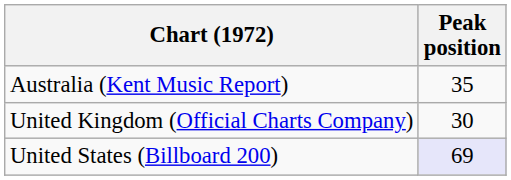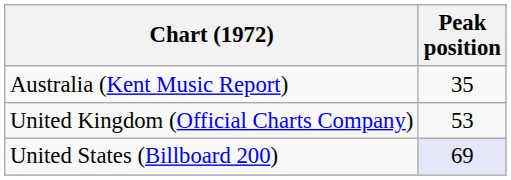 <table class="wikitable">
 <tr>
 <th scope="col">Chart (1972)</th>
 <th>Peak<br>position</th>
 </tr>
 <tr>
 <td>Australia (<a href='#'>Kent Music Report</a>)</td>
 <td style="text-align:center;">35</td>
 </tr>
 <tr>
 <td>United Kingdom (<a href='#'>Official Charts Company</a>)</td>
-<td style="text-align:center;">30</td>
+<td style="text-align:center;">53</td>
 </tr>
 <tr>
 <td>United States (<a href='#'>Billboard 200</a>)</td>
 <td style="background: lavender; text-align:center;">69</td>
 </tr>
 </table>
